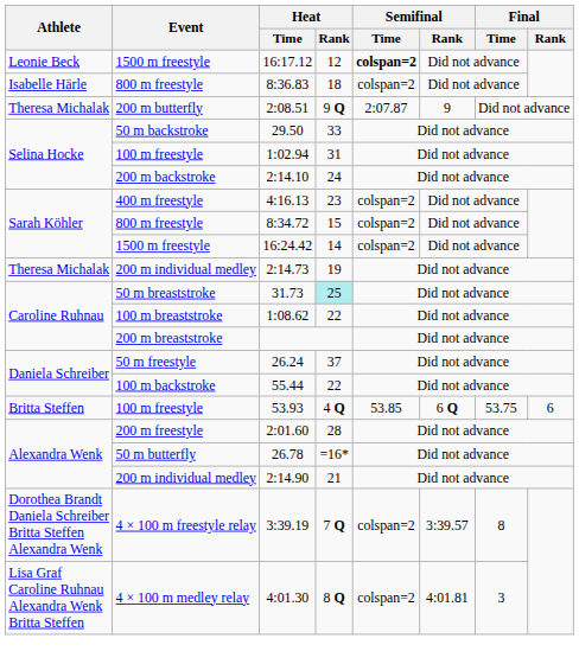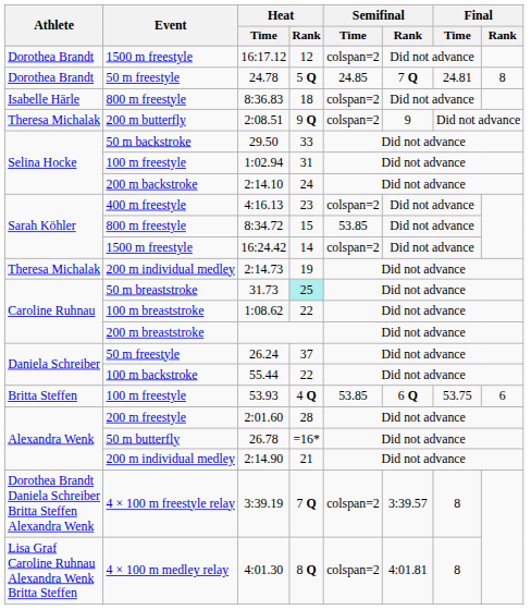 <table class=wikitable style="font-size:90%">
 <tr>
 <th rowspan=2>Athlete</th>
 <th rowspan=2>Event</th>
 <th colspan="2">Heat</th>
 <th colspan="2">Semifinal</th>
 <th colspan="2">Final</th>
 </tr>
 <tr style="font-size:95%">
 <th>Time</th>
 <th>Rank</th>
 <th>Time</th>
 <th>Rank</th>
 <th>Time</th>
 <th>Rank</th>
 </tr>
 <tr align=center>
-<td align=left><a href='#'>Leonie Beck</a></td>
+<td align=left><a href='#'>Dorothea Brandt</a></td>
 <td align=left><a href='#'>1500 m freestyle</a></td>
 <td>16:17.12</td>
 <td>12</td>
-<td><strong>colspan=2 </strong></td>
+<td>colspan=2 </td>
 <td colspan=2>Did not advance</td>
+</tr>
+<tr align=center>
+<td align=left><a href='#'>Dorothea Brandt</a></td>
+<td align=left><a href='#'>50 m freestyle</a></td>
+<td>24.78</td>
+<td>5 <strong>Q</strong></td>
+<td>24.85</td>
+<td>7 <strong>Q</strong></td>
+<td>24.81</td>
+<td>8</td>
 </tr>
 <tr align=center>
 <td align=left><a href='#'>Isabelle Härle</a></td>
 <td align=left><a href='#'>800 m freestyle</a></td>
 <td>8:36.83</td>
 <td>18</td>
 <td>colspan=2 </td>
 <td colspan=2>Did not advance</td>
 </tr>
 <tr align=center>
 <td align=left><a href='#'>Theresa Michalak</a></td>
 <td align=left><a href='#'>200 m butterfly</a></td>
 <td>2:08.51</td>
 <td>9 <strong>Q</strong></td>
-<td>2:07.87</td>
+<td>colspan=2 </td>
 <td>9</td>
 <td colspan=2>Did not advance</td>
 </tr>
 <tr align=center>
 <td align=left rowspan=3><a href='#'>Selina Hocke</a></td>
 <td align=left><a href='#'>50 m backstroke</a></td>
 <td>29.50</td>
 <td>33</td>
 <td colspan=4>Did not advance</td>
 </tr>
 <tr align=center>
 <td align=left><a href='#'>100 m freestyle</a></td>
 <td>1:02.94</td>
 <td>31</td>
 <td colspan=4>Did not advance</td>
 </tr>
 <tr align=center>
 <td align=left><a href='#'>200 m backstroke</a></td>
 <td>2:14.10</td>
 <td>24</td>
 <td colspan=4>Did not advance</td>
 </tr>
 <tr align=center>
 <td align=left rowspan=3><a href='#'>Sarah Köhler</a></td>
 <td align=left><a href='#'>400 m freestyle</a></td>
 <td>4:16.13</td>
 <td>23</td>
 <td>colspan=2 </td>
 <td colspan=2>Did not advance</td>
 </tr>
 <tr align=center>
 <td align=left><a href='#'>800 m freestyle</a></td>
 <td>8:34.72</td>
 <td>15</td>
-<td>colspan=2 </td>
+<td>53.85</td>
 <td colspan=2>Did not advance</td>
 </tr>
 <tr align=center>
 <td align=left><a href='#'>1500 m freestyle</a></td>
 <td>16:24.42</td>
 <td>14</td>
 <td>colspan=2 </td>
 <td colspan=2>Did not advance</td>
 </tr>
 <tr align=center>
 <td align=left><a href='#'>Theresa Michalak</a></td>
 <td align=left><a href='#'>200 m individual medley</a></td>
 <td>2:14.73</td>
 <td>19</td>
 <td colspan=4>Did not advance</td>
 </tr>
 <tr align=center>
 <td align=left rowspan=3><a href='#'>Caroline Ruhnau</a></td>
 <td align=left><a href='#'>50 m breaststroke</a></td>
 <td>31.73</td>
 <td style="background: paleturquoise;">25</td>
 <td colspan=4>Did not advance</td>
 </tr>
 <tr align=center>
 <td align=left><a href='#'>100 m breaststroke</a></td>
 <td>1:08.62</td>
 <td>22</td>
 <td colspan=4>Did not advance</td>
 </tr>
 <tr align=center>
 <td align=left><a href='#'>200 m breaststroke</a></td>
 <td colspan=2></td>
 <td colspan=4>Did not advance</td>
 </tr>
 <tr align=center>
 <td align=left rowspan=2><a href='#'>Daniela Schreiber</a></td>
 <td align=left><a href='#'>50 m freestyle</a></td>
 <td>26.24</td>
 <td>37</td>
 <td colspan=4>Did not advance</td>
 </tr>
 <tr align=center>
 <td align=left><a href='#'>100 m backstroke</a></td>
 <td>55.44</td>
 <td>22</td>
 <td colspan=4>Did not advance</td>
 </tr>
 <tr align=center>
 <td align=left><a href='#'>Britta Steffen</a></td>
 <td align=left><a href='#'>100 m freestyle</a></td>
 <td>53.93</td>
 <td>4 <strong>Q</strong></td>
 <td>53.85</td>
 <td>6 <strong>Q</strong></td>
 <td>53.75</td>
 <td>6</td>
 </tr>
 <tr align=center>
 <td align=left rowspan=3><a href='#'>Alexandra Wenk</a></td>
 <td align=left><a href='#'>200 m freestyle</a></td>
 <td>2:01.60</td>
 <td>28</td>
 <td colspan=4>Did not advance</td>
 </tr>
 <tr align=center>
 <td align=left><a href='#'>50 m butterfly</a></td>
 <td>26.78</td>
 <td>=16*</td>
 <td colspan=4>Did not advance</td>
 </tr>
 <tr align=center>
 <td align=left><a href='#'>200 m individual medley</a></td>
 <td>2:14.90</td>
 <td>21</td>
 <td colspan=4>Did not advance</td>
 </tr>
 <tr align=center>
 <td align=left><a href='#'>Dorothea Brandt</a><br><a href='#'>Daniela Schreiber</a><br><a href='#'>Britta Steffen</a><br><a href='#'>Alexandra Wenk</a></td>
 <td align=left><a href='#'>4 × 100 m freestyle relay</a></td>
 <td>3:39.19</td>
 <td>7 <strong>Q</strong></td>
 <td>colspan=2 </td>
 <td>3:39.57</td>
 <td>8</td>
 </tr>
 <tr align=center>
 <td align=left><a href='#'>Lisa Graf</a><br><a href='#'>Caroline Ruhnau</a><br><a href='#'>Alexandra Wenk</a><br><a href='#'>Britta Steffen</a></td>
 <td align=left><a href='#'>4 × 100 m medley relay</a></td>
 <td>4:01.30</td>
 <td>8 <strong>Q</strong></td>
 <td>colspan=2 </td>
 <td>4:01.81</td>
-<td>3</td>
+<td>8</td>
 </tr>
 </table>
